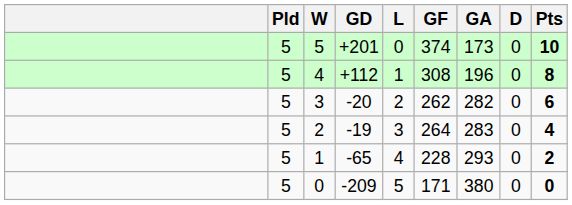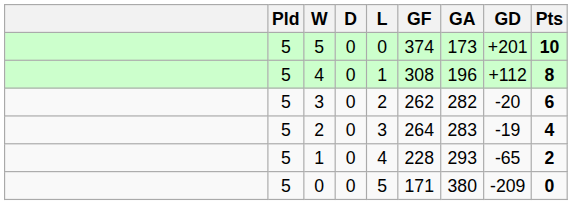 <table class="wikitable" style="text-align:center;font-size:95%">
 <tr>
 <th width=220></th>
 <th width=20>Pld</th>
 <th width=20>W</th>
-<th width=30>GD</th>
+<th width=20>D</th>
 <th width=20>L</th>
 <th width=30>GF</th>
 <th width=30>GA</th>
-<th width=20>D</th>
+<th width=30>GD</th>
 <th width=20>Pts</th>
 </tr>
 <tr style="background-color:#ccffcc">
 <td style="text-align:left;"></td>
 <td>5</td>
 <td>5</td>
-<td>+201</td>
+<td>0</td>
 <td>0</td>
 <td>374</td>
 <td>173</td>
-<td>0</td>
+<td>+201</td>
 <td><strong>10</strong></td>
 </tr>
 <tr style="background-color:#ccffcc">
 <td style="text-align:left;"></td>
 <td>5</td>
 <td>4</td>
-<td>+112</td>
+<td>0</td>
 <td>1</td>
 <td>308</td>
 <td>196</td>
-<td>0</td>
+<td>+112</td>
 <td><strong>8</strong></td>
 </tr>
 <tr>
 <td style="text-align:left;"></td>
 <td>5</td>
 <td>3</td>
-<td>-20</td>
+<td>0</td>
 <td>2</td>
 <td>262</td>
 <td>282</td>
-<td>0</td>
+<td>-20</td>
 <td><strong>6</strong></td>
 </tr>
 <tr>
 <td style="text-align:left;"></td>
 <td>5</td>
 <td>2</td>
-<td>-19</td>
+<td>0</td>
 <td>3</td>
 <td>264</td>
 <td>283</td>
-<td>0</td>
+<td>-19</td>
 <td><strong>4</strong></td>
 </tr>
 <tr>
 <td style="text-align:left;"></td>
 <td>5</td>
 <td>1</td>
-<td>-65</td>
+<td>0</td>
 <td>4</td>
 <td>228</td>
 <td>293</td>
-<td>0</td>
+<td>-65</td>
 <td><strong>2</strong></td>
 </tr>
 <tr>
 <td style="text-align:left;"></td>
 <td>5</td>
 <td>0</td>
-<td>-209</td>
+<td>0</td>
 <td>5</td>
 <td>171</td>
 <td>380</td>
-<td>0</td>
+<td>-209</td>
 <td><strong>0</strong></td>
 </tr>
 </table>
